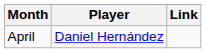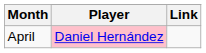 <table class="wikitable">
 <tr>
 <th rowspan="2">Month</th>
 </tr>
 <tr>
 <th>Player</th>
 <th>Link</th>
 </tr>
 <tr>
 <td>April</td>
-<td> <a href='#'>Daniel Hernández</a></td>
+<td style="background: pink;"> <a href='#'>Daniel Hernández</a></td>
 <td> </td>
 </tr>
 </table>
